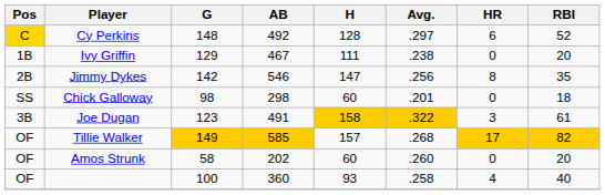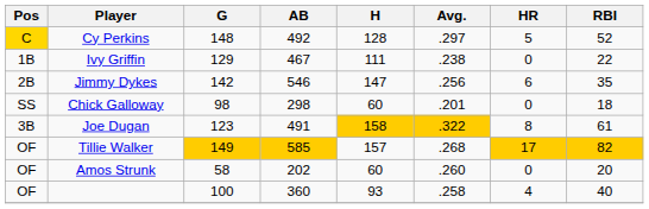 <table class="wikitable sortable">
 <tr>
 <th bgcolor="#DDDDFF" width="5%">Pos</th>
 <th bgcolor="#DDDDFF" width="16%">Player</th>
 <th bgcolor="#DDDDFF" width="9%">G</th>
 <th bgcolor="#DDDDFF" width="9%">AB</th>
 <th bgcolor="#DDDDFF" width="9%">H</th>
 <th bgcolor="#DDDDFF" width="9%">Avg.</th>
 <th bgcolor="#DDDDFF" width="9%">HR</th>
 <th bgcolor="#DDDDFF" width="9%">RBI</th>
 </tr>
 <tr align="center">
 <td style="background: gold;">C</td>
 <td><a href='#'>Cy Perkins</a></td>
 <td>148</td>
 <td>492</td>
 <td>128</td>
 <td>.297</td>
-<td>6</td>
+<td>5</td>
 <td>52</td>
 </tr>
 <tr align=center>
 <td>1B</td>
 <td><a href='#'>Ivy Griffin</a></td>
 <td>129</td>
 <td>467</td>
 <td>111</td>
 <td>.238</td>
 <td>0</td>
-<td>20</td>
+<td>22</td>
 </tr>
 <tr align=center>
 <td>2B</td>
 <td><a href='#'>Jimmy Dykes</a></td>
 <td>142</td>
 <td>546</td>
 <td>147</td>
 <td>.256</td>
-<td>8</td>
+<td>6</td>
 <td>35</td>
 </tr>
 <tr align=center>
 <td>SS</td>
 <td><a href='#'>Chick Galloway</a></td>
 <td>98</td>
 <td>298</td>
 <td>60</td>
 <td>.201</td>
 <td>0</td>
 <td>18</td>
 </tr>
 <tr align=center>
 <td>3B</td>
 <td><a href='#'>Joe Dugan</a></td>
 <td>123</td>
 <td>491</td>
 <td style="background:#fc0;">158</td>
 <td style="background:#fc0;">.322</td>
-<td>3</td>
+<td>8</td>
 <td>61</td>
 </tr>
 <tr align="center">
 <td>OF</td>
 <td><a href='#'>Tillie Walker</a></td>
 <td style="background:#fc0;">149</td>
 <td style="background:#fc0;">585</td>
 <td>157</td>
 <td>.268</td>
 <td style="background:#fc0;">17</td>
 <td style="background:#fc0;">82</td>
 </tr>
 <tr align=center>
 <td>OF</td>
 <td><a href='#'>Amos Strunk</a></td>
 <td>58</td>
 <td>202</td>
 <td>60</td>
 <td>.260</td>
 <td>0</td>
 <td>20</td>
 </tr>
 <tr align=center>
 <td>OF</td>
 <td></td>
 <td>100</td>
 <td>360</td>
 <td>93</td>
 <td>.258</td>
 <td>4</td>
 <td>40</td>
 </tr>
 <tr align="center">
 </tr>
 </table>
